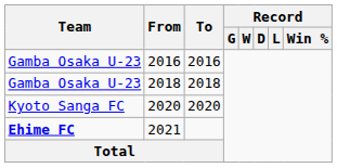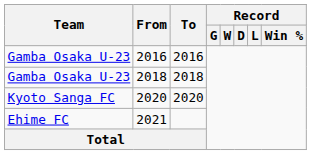 <table class="wikitable" style="text-align: center">
 <tr>
 <th rowspan="2">Team</th>
 <th rowspan="2">From</th>
 <th rowspan="2">To</th>
 <th colspan="5">Record</th>
 </tr>
 <tr>
 <th>G</th>
 <th>W</th>
 <th>D</th>
 <th>L</th>
 <th>Win %</th>
 </tr>
 <tr>
 <td align="left"><a href='#'>Gamba Osaka U-23</a></td>
 <td align="left">2016</td>
 <td align="left">2016<br></td>
 </tr>
 <tr>
 <td align="left"><a href='#'>Gamba Osaka U-23</a></td>
 <td align="left">2018</td>
 <td align="left">2018<br></td>
 </tr>
 <tr>
 <td align="left"><a href='#'>Kyoto Sanga FC</a></td>
 <td align="left">2020</td>
 <td align="left">2020<br></td>
 </tr>
 <tr>
-<td align="left"><strong><a href='#'>Ehime FC</a></strong></td>
+<td align="left"><a href='#'>Ehime FC</a></td>
 <td align="left">2021</td>
 <td align="left"><br></td>
 </tr>
 <tr>
 <th colspan="3">Total<br></th>
 </tr>
 </table>
